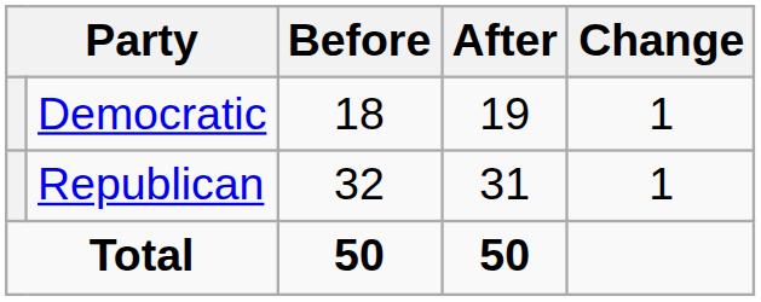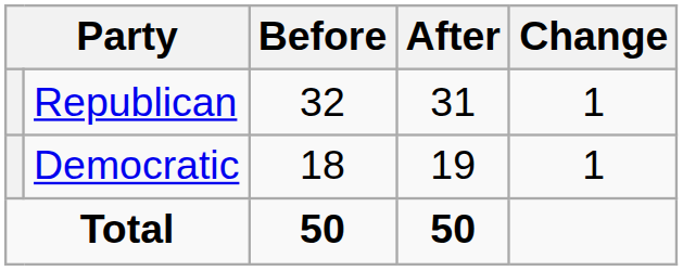 <table class="wikitable" style="text-align:center;">
 <tr>
 <th colspan="2">Party</th>
 <th>Before</th>
 <th>After</th>
 <th>Change</th>
 </tr>
 <tr>
 <th style="background-color:"></th>
-<td style="text-align:left;"><a href='#'>Democratic</a></td>
-<td>18</td>
-<td>19</td>
+<td style="text-align:left;"><a href='#'>Republican</a></td>
+<td>32</td>
+<td>31</td>
 <td> 1</td>
 </tr>
 <tr>
 <th style="background-color:"></th>
-<td style="text-align:left;"><a href='#'>Republican</a></td>
-<td>32</td>
-<td>31</td>
+<td style="text-align:left;"><a href='#'>Democratic</a></td>
+<td>18</td>
+<td>19</td>
 <td> 1</td>
 </tr>
 <tr>
 <td colspan="2"><strong>Total</strong></td>
 <td><strong>50</strong></td>
 <td><strong>50</strong></td>
 <td></td>
 </tr>
 </table>
